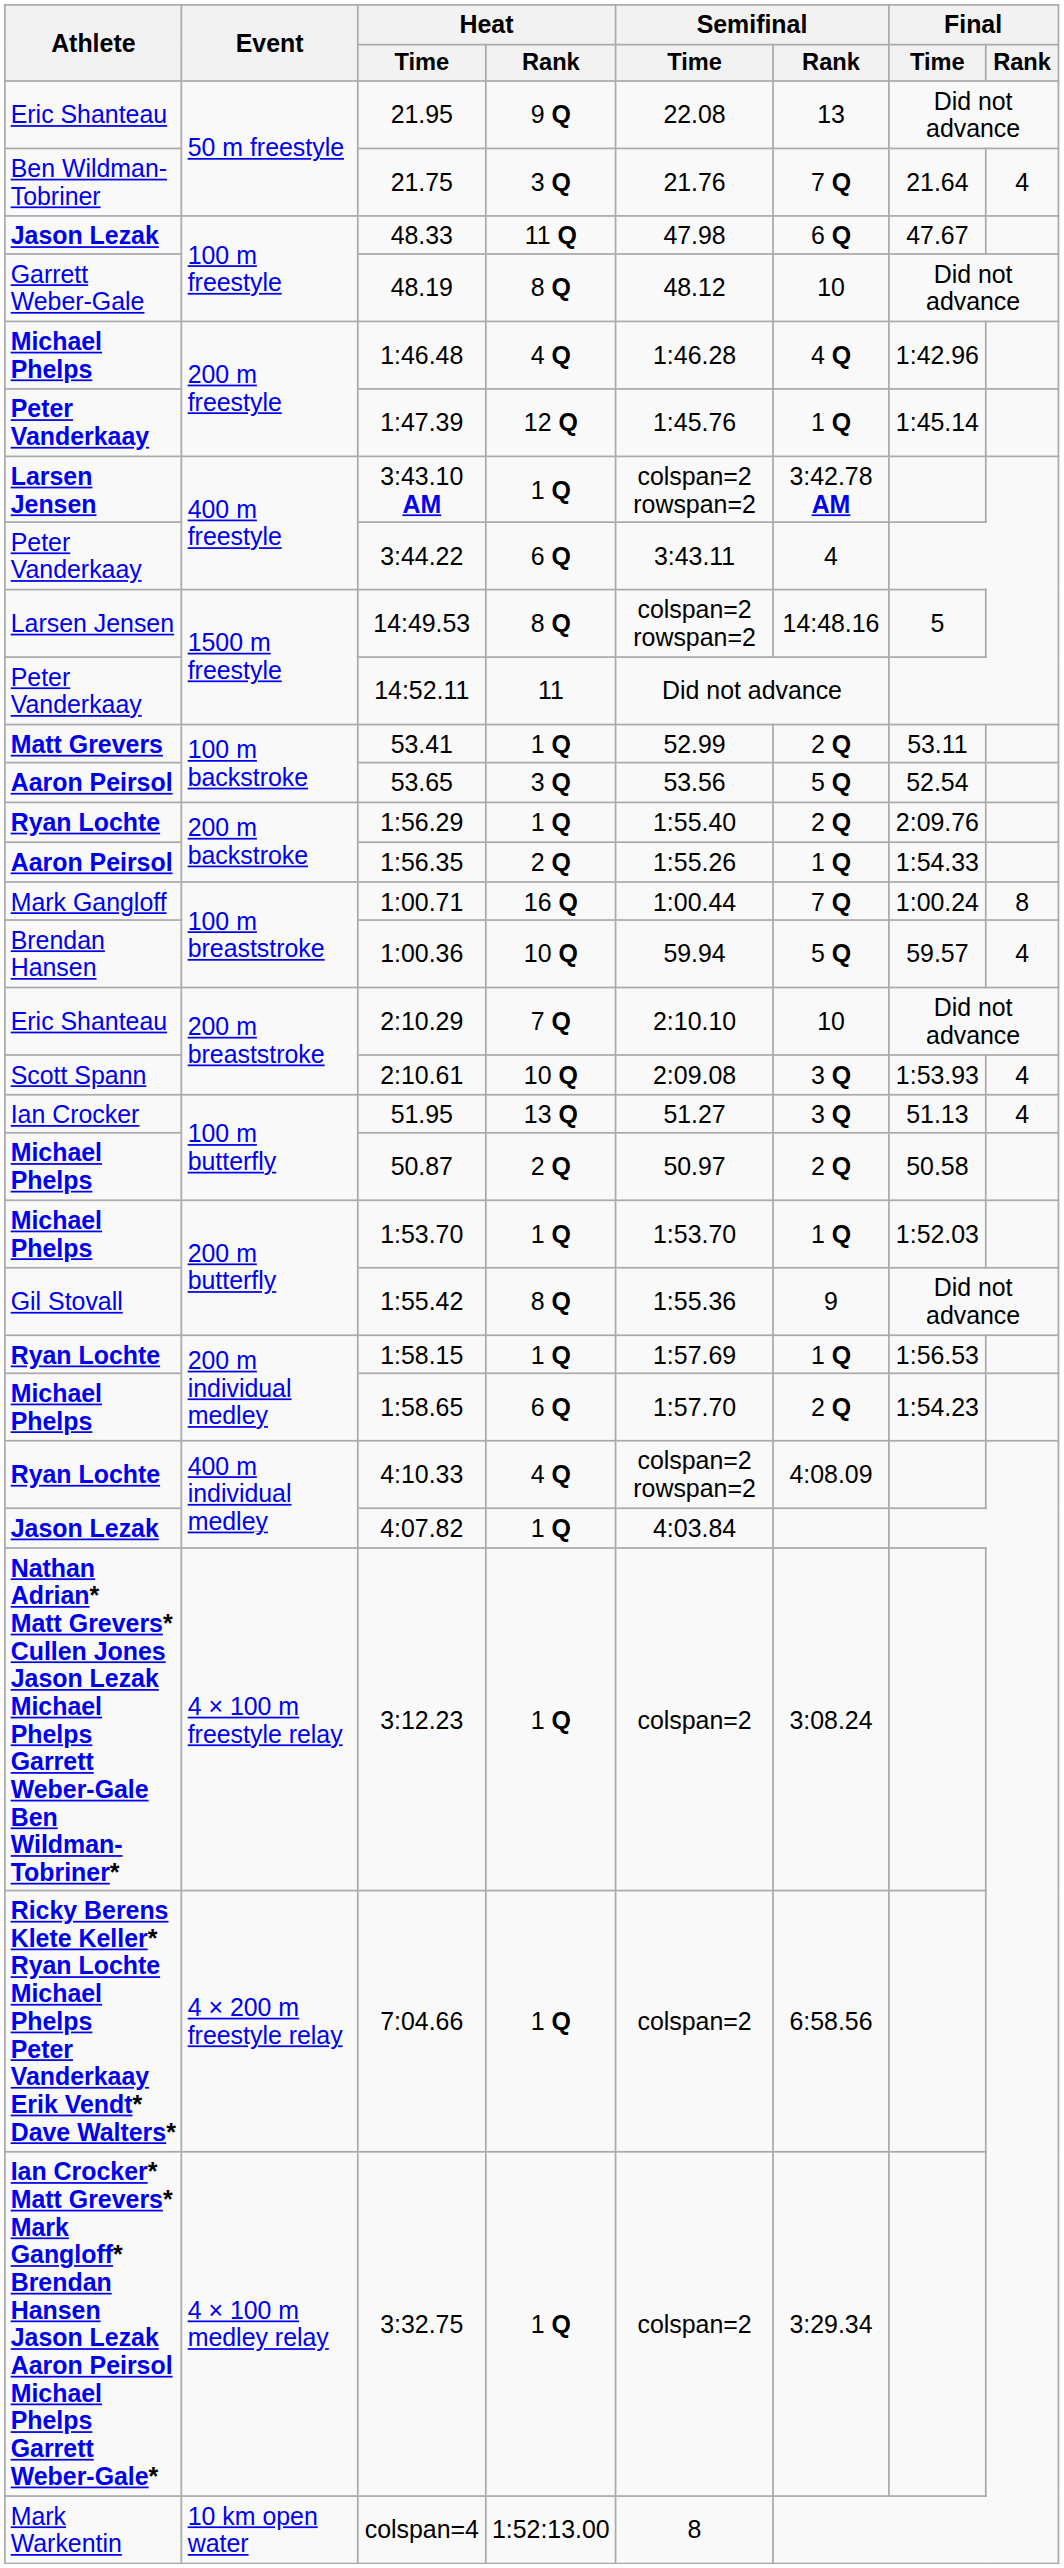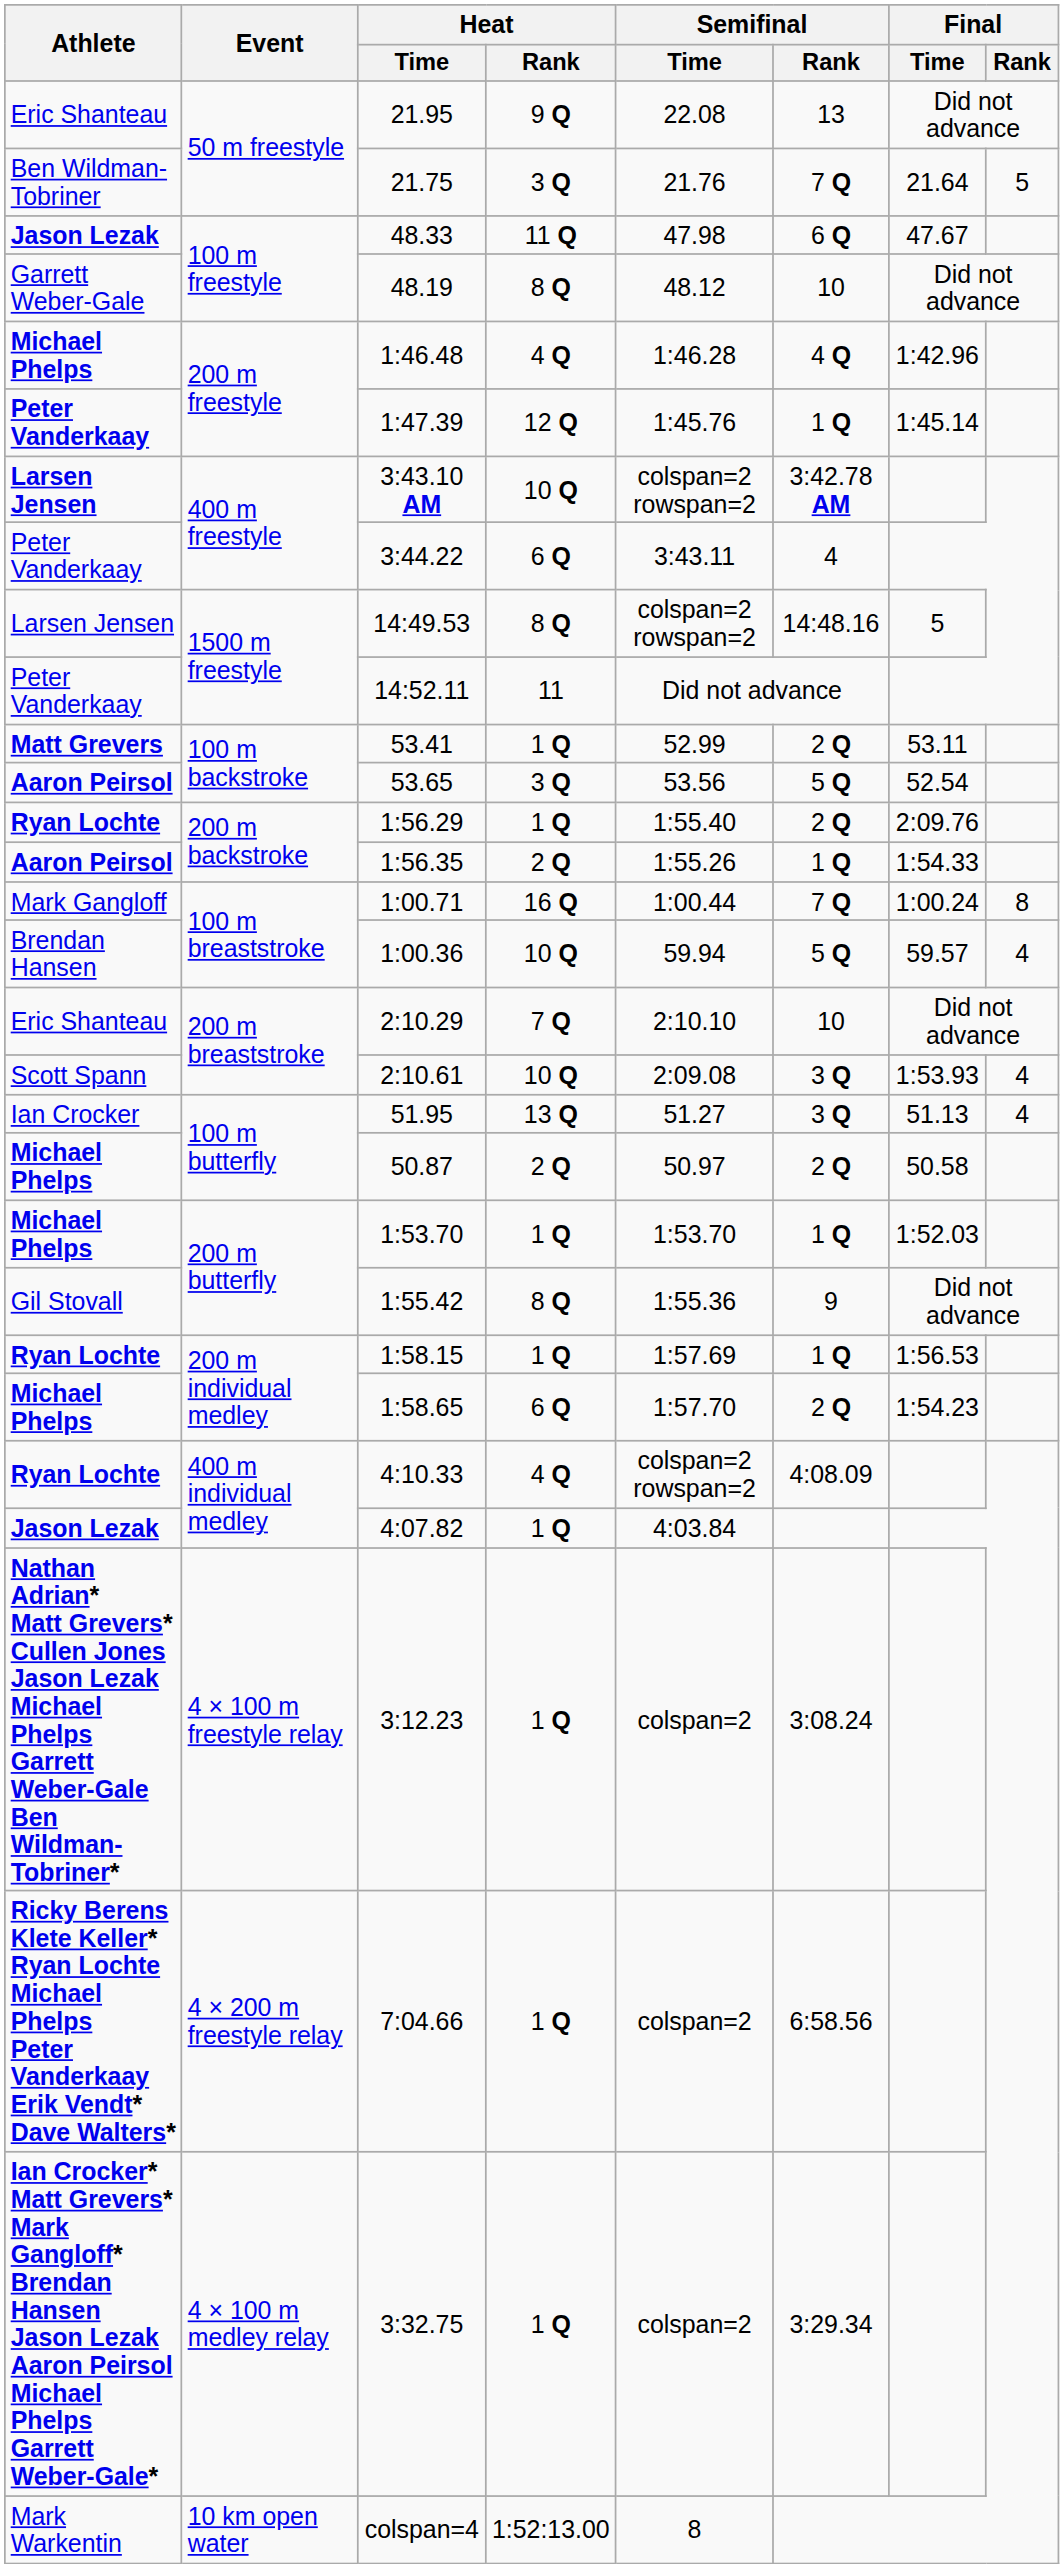 <table class=wikitable style=font-size:90%;text-align:center>
 <tr>
 <th rowspan=2>Athlete</th>
 <th rowspan=2>Event</th>
 <th colspan=2>Heat</th>
 <th colspan=2>Semifinal</th>
 <th colspan=2>Final</th>
 </tr>
 <tr style=font-size:95%>
 <th>Time</th>
 <th>Rank</th>
 <th>Time</th>
 <th>Rank</th>
 <th>Time</th>
 <th>Rank</th>
 </tr>
 <tr>
 <td align=left><a href='#'>Eric Shanteau</a></td>
 <td align=left rowspan=2><a href='#'>50 m freestyle</a></td>
 <td>21.95</td>
 <td>9 <strong>Q</strong></td>
 <td>22.08</td>
 <td>13</td>
 <td colspan=2>Did not advance</td>
 </tr>
 <tr>
 <td align=left><a href='#'>Ben Wildman-Tobriner</a></td>
 <td>21.75</td>
 <td>3 <strong>Q</strong></td>
 <td>21.76</td>
 <td>7 <strong>Q</strong></td>
 <td>21.64</td>
-<td>4</td>
+<td>5</td>
 </tr>
 <tr>
 <td align=left><strong><a href='#'>Jason Lezak</a></strong></td>
 <td align=left rowspan=2><a href='#'>100 m freestyle</a></td>
 <td>48.33</td>
 <td>11 <strong>Q</strong></td>
 <td>47.98</td>
 <td>6 <strong>Q</strong></td>
 <td>47.67</td>
 <td></td>
 </tr>
 <tr>
 <td align=left><a href='#'>Garrett Weber-Gale</a></td>
 <td>48.19</td>
 <td>8 <strong>Q</strong></td>
 <td>48.12</td>
 <td>10</td>
 <td colspan=2>Did not advance</td>
 </tr>
 <tr>
 <td align=left><strong><a href='#'>Michael Phelps</a></strong></td>
 <td align=left rowspan=2><a href='#'>200 m freestyle</a></td>
 <td>1:46.48</td>
 <td>4 <strong>Q</strong></td>
 <td>1:46.28</td>
 <td>4 <strong>Q</strong></td>
 <td>1:42.96 </td>
 <td></td>
 </tr>
 <tr>
 <td align=left><strong><a href='#'>Peter Vanderkaay</a></strong></td>
 <td>1:47.39</td>
 <td>12 <strong>Q</strong></td>
 <td>1:45.76</td>
 <td>1 <strong>Q</strong></td>
 <td>1:45.14</td>
 <td></td>
 </tr>
 <tr>
 <td align=left><strong><a href='#'>Larsen Jensen</a></strong></td>
 <td align=left rowspan=2><a href='#'>400 m freestyle</a></td>
 <td>3:43.10 <strong><a href='#'>AM</a></strong></td>
-<td>1 <strong>Q</strong></td>
+<td>10 <strong>Q</strong></td>
 <td>colspan=2 rowspan=2 </td>
 <td>3:42.78 <strong><a href='#'>AM</a></strong></td>
 <td></td>
 </tr>
 <tr>
 <td align=left><a href='#'>Peter Vanderkaay</a></td>
 <td>3:44.22</td>
 <td>6 <strong>Q</strong></td>
 <td>3:43.11</td>
 <td>4</td>
 </tr>
 <tr>
 <td align=left><a href='#'>Larsen Jensen</a></td>
 <td align=left rowspan=2><a href='#'>1500 m freestyle</a></td>
 <td>14:49.53</td>
 <td>8 <strong>Q</strong></td>
 <td>colspan=2 rowspan=2 </td>
 <td>14:48.16</td>
 <td>5</td>
 </tr>
 <tr>
 <td align=left><a href='#'>Peter Vanderkaay</a></td>
 <td>14:52.11</td>
 <td>11</td>
 <td colspan=2>Did not advance</td>
 </tr>
 <tr>
 <td align=left><strong><a href='#'>Matt Grevers</a></strong></td>
 <td align=left rowspan=2><a href='#'>100 m backstroke</a></td>
 <td>53.41 </td>
 <td>1 <strong>Q</strong></td>
 <td>52.99</td>
 <td>2 <strong>Q</strong></td>
 <td>53.11</td>
 <td></td>
 </tr>
 <tr>
 <td align=left><strong><a href='#'>Aaron Peirsol</a></strong></td>
 <td>53.65</td>
 <td>3 <strong>Q</strong></td>
 <td>53.56</td>
 <td>5 <strong>Q</strong></td>
 <td>52.54 </td>
 <td></td>
 </tr>
 <tr>
 <td align=left><strong><a href='#'>Ryan Lochte</a></strong></td>
 <td align=left rowspan=2><a href='#'>200 m backstroke</a></td>
 <td>1:56.29</td>
 <td>1 <strong>Q</strong></td>
 <td>1:55.40</td>
 <td>2 <strong>Q</strong></td>
 <td>2:09.76</td>
 <td></td>
 </tr>
 <tr>
 <td align=left><strong><a href='#'>Aaron Peirsol</a></strong></td>
 <td>1:56.35</td>
 <td>2 <strong>Q</strong></td>
 <td>1:55.26</td>
 <td>1 <strong>Q</strong></td>
 <td>1:54.33</td>
 <td></td>
 </tr>
 <tr>
 <td align=left><a href='#'>Mark Gangloff</a></td>
 <td align=left rowspan=2><a href='#'>100 m breaststroke</a></td>
 <td>1:00.71</td>
 <td>16 <strong>Q</strong></td>
 <td>1:00.44</td>
 <td>7 <strong>Q</strong></td>
 <td>1:00.24</td>
 <td>8</td>
 </tr>
 <tr>
 <td align=left><a href='#'>Brendan Hansen</a></td>
 <td>1:00.36</td>
 <td>10 <strong>Q</strong></td>
 <td>59.94</td>
 <td>5 <strong>Q</strong></td>
 <td>59.57</td>
 <td>4</td>
 </tr>
 <tr>
 <td align=left><a href='#'>Eric Shanteau</a></td>
 <td align=left rowspan=2><a href='#'>200 m breaststroke</a></td>
 <td>2:10.29</td>
 <td>7 <strong>Q</strong></td>
 <td>2:10.10</td>
 <td>10</td>
 <td colspan=2>Did not advance</td>
 </tr>
 <tr>
 <td align=left><a href='#'>Scott Spann</a></td>
 <td>2:10.61</td>
 <td>10 <strong>Q</strong></td>
 <td>2:09.08</td>
 <td>3 <strong>Q</strong></td>
 <td>1:53.93 </td>
 <td>4</td>
 </tr>
 <tr>
 <td align=left><a href='#'>Ian Crocker</a></td>
 <td align=left rowspan=2><a href='#'>100 m butterfly</a></td>
 <td>51.95</td>
 <td>13 <strong>Q</strong></td>
 <td>51.27</td>
 <td>3 <strong>Q</strong></td>
 <td>51.13</td>
 <td>4</td>
 </tr>
 <tr>
 <td align=left><strong><a href='#'>Michael Phelps</a></strong></td>
 <td>50.87</td>
 <td>2 <strong>Q</strong></td>
 <td>50.97</td>
 <td>2 <strong>Q</strong></td>
 <td>50.58 </td>
 <td></td>
 </tr>
 <tr>
 <td align=left><strong><a href='#'>Michael Phelps</a></strong></td>
 <td align=left rowspan=2><a href='#'>200 m butterfly</a></td>
 <td>1:53.70 </td>
 <td>1 <strong>Q</strong></td>
 <td>1:53.70 </td>
 <td>1 <strong>Q</strong></td>
 <td>1:52.03 </td>
 <td></td>
 </tr>
 <tr>
 <td align=left><a href='#'>Gil Stovall</a></td>
 <td>1:55.42</td>
 <td>8 <strong>Q</strong></td>
 <td>1:55.36</td>
 <td>9</td>
 <td colspan=2>Did not advance</td>
 </tr>
 <tr>
 <td align=left><strong><a href='#'>Ryan Lochte</a></strong></td>
 <td align=left rowspan=2><a href='#'>200 m individual medley</a></td>
 <td>1:58.15</td>
 <td>1 <strong>Q</strong></td>
 <td>1:57.69</td>
 <td>1 <strong>Q</strong></td>
 <td>1:56.53</td>
 <td></td>
 </tr>
 <tr>
 <td align=left><strong><a href='#'>Michael Phelps</a></strong></td>
 <td>1:58.65</td>
 <td>6 <strong>Q</strong></td>
 <td>1:57.70</td>
 <td>2 <strong>Q</strong></td>
 <td>1:54.23 </td>
 <td></td>
 </tr>
 <tr>
 <td align=left><strong><a href='#'>Ryan Lochte</a></strong></td>
 <td align=left rowspan=2><a href='#'>400 m individual medley</a></td>
 <td>4:10.33</td>
 <td>4 <strong>Q</strong></td>
 <td>colspan=2 rowspan=2 </td>
 <td>4:08.09</td>
 <td></td>
 </tr>
 <tr>
 <td align=left><strong><a href='#'>Jason Lezak</a></strong></td>
 <td>4:07.82 </td>
 <td>1 <strong>Q</strong></td>
 <td>4:03.84 </td>
 <td></td>
 </tr>
 <tr>
 <td align=left><strong><a href='#'>Nathan Adrian</a>*<br><a href='#'>Matt Grevers</a>*<br><a href='#'>Cullen Jones</a><br><a href='#'>Jason Lezak</a><br><a href='#'>Michael Phelps</a><br><a href='#'>Garrett Weber-Gale</a><br><a href='#'>Ben Wildman-Tobriner</a>*</strong></td>
 <td align=left><a href='#'>4 × 100 m freestyle relay</a></td>
 <td>3:12.23 </td>
 <td>1 <strong>Q</strong></td>
 <td>colspan=2 </td>
 <td>3:08.24 </td>
 <td></td>
 </tr>
 <tr>
 <td align=left><strong><a href='#'>Ricky Berens</a><br><a href='#'>Klete Keller</a>*<br><a href='#'>Ryan Lochte</a><br><a href='#'>Michael Phelps</a><br><a href='#'>Peter Vanderkaay</a><br><a href='#'>Erik Vendt</a>*<br><a href='#'>Dave Walters</a>*</strong></td>
 <td align=left><a href='#'>4 × 200 m freestyle relay</a></td>
 <td>7:04.66 </td>
 <td>1 <strong>Q</strong></td>
 <td>colspan=2 </td>
 <td>6:58.56 </td>
 <td></td>
 </tr>
 <tr>
 <td align=left><strong><a href='#'>Ian Crocker</a>*<br><a href='#'>Matt Grevers</a>*<br><a href='#'>Mark Gangloff</a>*<br><a href='#'>Brendan Hansen</a><br><a href='#'>Jason Lezak</a><br><a href='#'>Aaron Peirsol</a><br><a href='#'>Michael Phelps</a><br><a href='#'>Garrett Weber-Gale</a>*</strong></td>
 <td align=left><a href='#'>4 × 100 m medley relay</a></td>
 <td>3:32.75</td>
 <td>1 <strong>Q</strong></td>
 <td>colspan=2 </td>
 <td>3:29.34 </td>
 <td></td>
 </tr>
 <tr>
 <td align=left><a href='#'>Mark Warkentin</a></td>
 <td align=left><a href='#'>10 km open water</a></td>
 <td>colspan=4 </td>
 <td>1:52:13.00</td>
 <td>8</td>
 </tr>
 </table>
